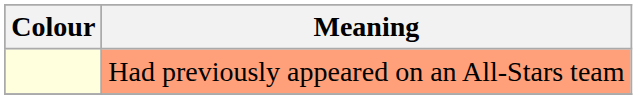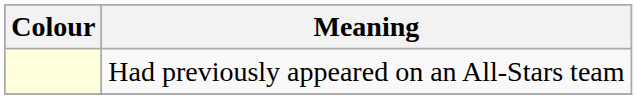 <table Class="wikitable">
 <tr>
 <th scope=col>Colour</th>
 <th scope=col>Meaning</th>
 </tr>
 <tr>
 <td style="background:#FFFFDD;"></td>
-<td style="background: lightsalmon;">Had previously appeared on an All-Stars team</td>
+<td>Had previously appeared on an All-Stars team</td>
 </tr>
 <tr>
 </tr>
 </table>
